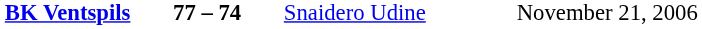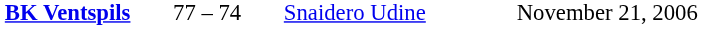 <table style="text-align:center">
 <tr>
 <th width=160></th>
 <th width=100></th>
 <th width=160></th>
 <th width=200></th>
 </tr>
 <tr>
 <td align=right><strong><a href='#'>BK Ventspils</a></strong> </td>
-<td><strong>77 – 74</strong></td>
+<td>77 – 74</td>
 <td align=left> <a href='#'>Snaidero Udine</a></td>
 <td align=left>November 21, 2006</td>
 </tr>
 </table>
